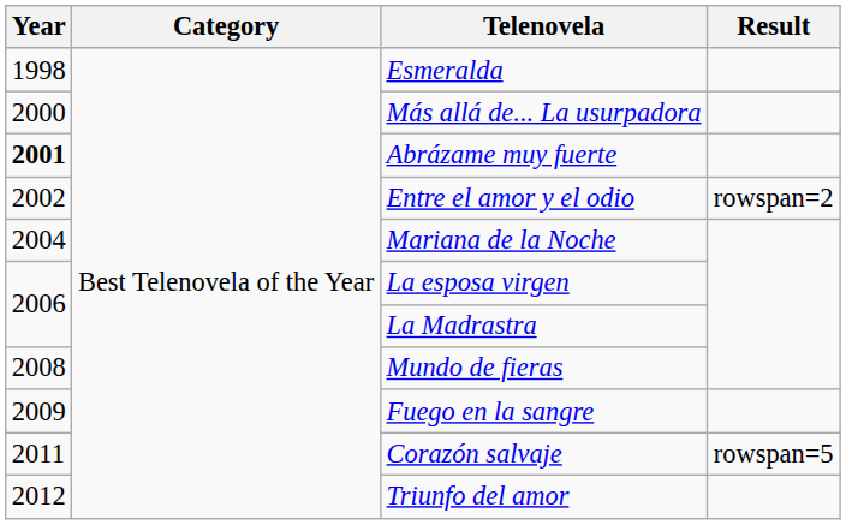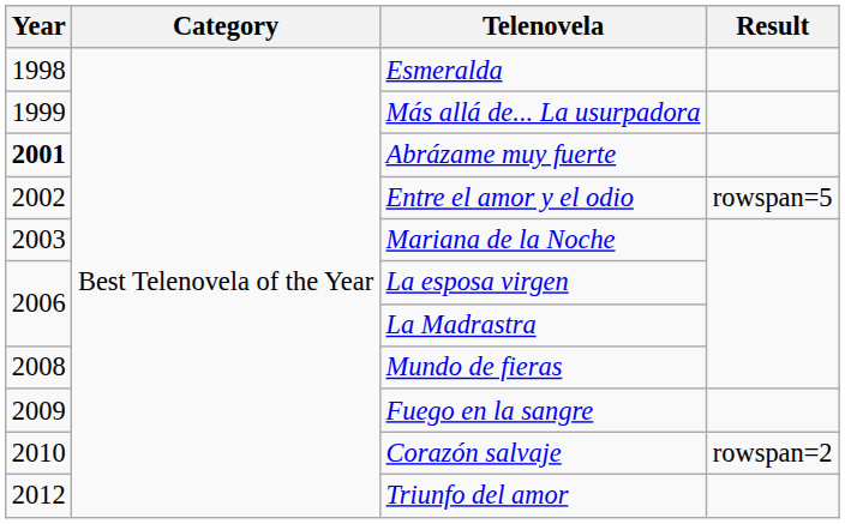 <table class="wikitable">
 <tr style="background:#b0c4de;">
 <th>Year</th>
 <th>Category</th>
 <th>Telenovela</th>
 <th>Result</th>
 </tr>
 <tr>
 <td>1998</td>
 <td rowspan="11">Best Telenovela of the Year</td>
 <td><em><a href='#'>Esmeralda</a></em></td>
 <td></td>
 </tr>
 <tr>
-<td>2000</td>
+<td>1999</td>
 <td><em><a href='#'>Más allá de... La usurpadora</a></em></td>
 <td></td>
 </tr>
 <tr>
 <td><strong>2001</strong></td>
 <td><em><a href='#'>Abrázame muy fuerte</a></em></td>
 <td></td>
 </tr>
 <tr>
 <td>2002</td>
 <td><em><a href='#'>Entre el amor y el odio</a></em></td>
-<td>rowspan=2 </td>
+<td>rowspan=5 </td>
 </tr>
 <tr>
-<td>2004</td>
+<td>2003</td>
 <td><em><a href='#'>Mariana de la Noche</a></em></td>
 </tr>
 <tr>
 <td rowspan=2>2006</td>
 <td><em><a href='#'>La esposa virgen</a></em></td>
 </tr>
 <tr>
 <td><em><a href='#'>La Madrastra</a></em></td>
 </tr>
 <tr>
 <td>2008</td>
 <td><em><a href='#'>Mundo de fieras</a></em></td>
 </tr>
 <tr>
 <td>2009</td>
 <td><em><a href='#'>Fuego en la sangre</a></em></td>
 <td></td>
 </tr>
 <tr>
-<td>2011</td>
+<td>2010</td>
 <td><em><a href='#'>Corazón salvaje</a></em></td>
-<td>rowspan=5 </td>
+<td>rowspan=2 </td>
 </tr>
 <tr>
 <td>2012</td>
 <td><em><a href='#'>Triunfo del amor</a></em></td>
 </tr>
 </table>
